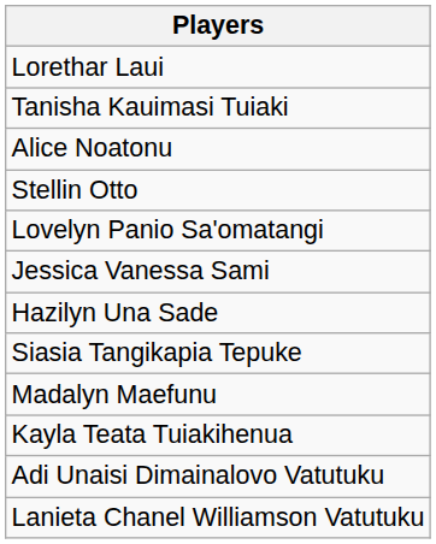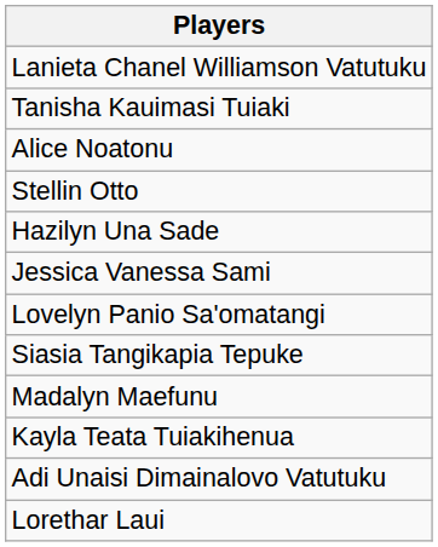 <table class=wikitable>
 <tr>
 <th>Players</th>
 </tr>
 <tr>
-<td>Lorethar Laui</td>
+<td>Lanieta Chanel Williamson Vatutuku</td>
 </tr>
 <tr>
 <td>Tanisha Kauimasi Tuiaki</td>
 </tr>
 <tr>
 <td>Alice Noatonu</td>
 </tr>
 <tr>
 <td>Stellin Otto</td>
 </tr>
 <tr>
-<td>Lovelyn Panio Sa'omatangi</td>
+<td>Hazilyn Una Sade</td>
 </tr>
 <tr>
 <td>Jessica Vanessa Sami</td>
 </tr>
 <tr>
-<td>Hazilyn Una Sade</td>
+<td>Lovelyn Panio Sa'omatangi</td>
 </tr>
 <tr>
 <td>Siasia Tangikapia Tepuke</td>
 </tr>
 <tr>
 <td>Madalyn Maefunu</td>
 </tr>
 <tr>
 <td>Kayla Teata Tuiakihenua</td>
 </tr>
 <tr>
 <td>Adi Unaisi Dimainalovo Vatutuku</td>
 </tr>
 <tr>
-<td>Lanieta Chanel Williamson Vatutuku</td>
+<td>Lorethar Laui</td>
 </tr>
 </table>
